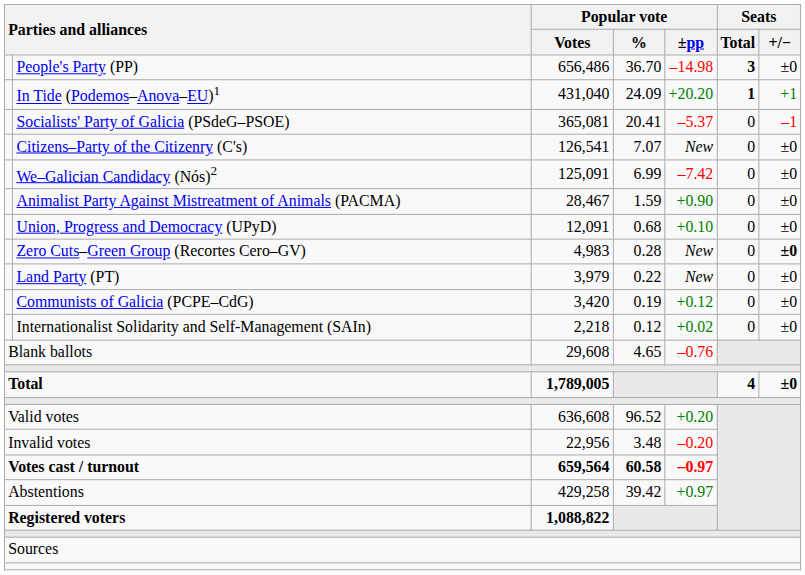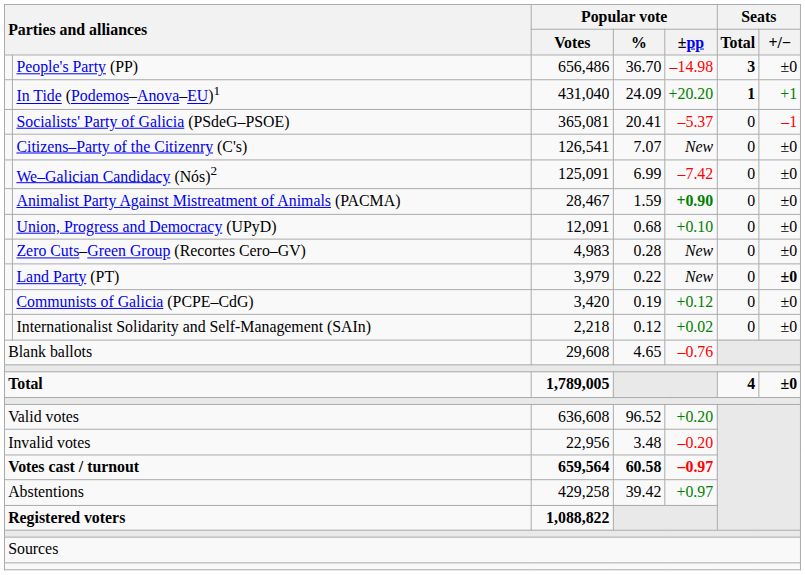 <table class="wikitable" style="text-align:right;">
 <tr>
 <th style="text-align:left;" rowspan="2" colspan="2" width="525">Parties and alliances</th>
 <th colspan="3">Popular vote</th>
 <th colspan="2">Seats</th>
 </tr>
 <tr>
 <th width="75">Votes</th>
 <th width="45">%</th>
 <th width="45">±<a href='#'>pp</a></th>
 <th width="35">Total</th>
 <th width="35">+/−</th>
 </tr>
 <tr>
 <td width="1" style="color:inherit;background:"></td>
 <td align="left"><a href='#'>People's Party</a> (PP)</td>
 <td>656,486</td>
 <td>36.70</td>
 <td style="color:red;">–14.98</td>
 <td><strong>3</strong></td>
 <td>±0</td>
 </tr>
 <tr>
 <td style="color:inherit;background:"></td>
 <td align="left"><a href='#'>In Tide</a> (<a href='#'>Podemos</a>–<a href='#'>Anova</a>–<a href='#'>EU</a>)<sup>1</sup></td>
 <td>431,040</td>
 <td>24.09</td>
 <td style="color:green;">+20.20</td>
 <td><strong>1</strong></td>
 <td style="color:green;">+1</td>
 </tr>
 <tr>
 <td style="color:inherit;background:"></td>
 <td align="left"><a href='#'>Socialists' Party of Galicia</a> (PSdeG–PSOE)</td>
 <td>365,081</td>
 <td>20.41</td>
 <td style="color:red;">–5.37</td>
 <td>0</td>
 <td style="color:red;">–1</td>
 </tr>
 <tr>
 <td style="color:inherit;background:"></td>
 <td align="left"><a href='#'>Citizens–Party of the Citizenry</a> (C's)</td>
 <td>126,541</td>
 <td>7.07</td>
 <td><em>New</em></td>
 <td>0</td>
 <td>±0</td>
 </tr>
 <tr>
 <td style="color:inherit;background:"></td>
 <td align="left"><a href='#'>We–Galician Candidacy</a> (Nós)<sup>2</sup></td>
 <td>125,091</td>
 <td>6.99</td>
 <td style="color:red;">–7.42</td>
 <td>0</td>
 <td>±0</td>
 </tr>
 <tr>
 <td style="color:inherit;background:"></td>
 <td align="left"><a href='#'>Animalist Party Against Mistreatment of Animals</a> (PACMA)</td>
 <td>28,467</td>
 <td>1.59</td>
-<td style="color:green;">+0.90</td>
+<td style="color:green;"><strong>+0.90</strong></td>
 <td>0</td>
 <td>±0</td>
 </tr>
 <tr>
 <td style="color:inherit;background:"></td>
 <td align="left"><a href='#'>Union, Progress and Democracy</a> (UPyD)</td>
 <td>12,091</td>
 <td>0.68</td>
 <td style="color:green;">+0.10</td>
 <td>0</td>
 <td>±0</td>
 </tr>
 <tr>
 <td style="color:inherit;background:"></td>
 <td align="left"><a href='#'>Zero Cuts</a>–<a href='#'>Green Group</a> (Recortes Cero–GV)</td>
 <td>4,983</td>
 <td>0.28</td>
 <td><em>New</em></td>
 <td>0</td>
-<td><strong>±0</strong></td>
+<td>±0</td>
 </tr>
 <tr>
 <td style="color:inherit;background:"></td>
 <td align="left"><a href='#'>Land Party</a> (PT)</td>
 <td>3,979</td>
 <td>0.22</td>
 <td><em>New</em></td>
 <td>0</td>
-<td>±0</td>
+<td><strong>±0</strong></td>
 </tr>
 <tr>
 <td style="color:inherit;background:"></td>
 <td align="left"><a href='#'>Communists of Galicia</a> (PCPE–CdG)</td>
 <td>3,420</td>
 <td>0.19</td>
 <td style="color:green;">+0.12</td>
 <td>0</td>
 <td>±0</td>
 </tr>
 <tr>
 <td style="color:inherit;background:"></td>
 <td align="left">Internationalist Solidarity and Self-Management (SAIn)</td>
 <td>2,218</td>
 <td>0.12</td>
 <td style="color:green;">+0.02</td>
 <td>0</td>
 <td>±0</td>
 </tr>
 <tr>
 <td align="left" colspan="2">Blank ballots</td>
 <td>29,608</td>
 <td>4.65</td>
 <td style="color:red;">–0.76</td>
 <td bgcolor="#E9E9E9" colspan="2"></td>
 </tr>
 <tr>
 <td colspan="7" bgcolor="#E9E9E9"></td>
 </tr>
 <tr style="font-weight:bold;">
 <td align="left" colspan="2">Total</td>
 <td>1,789,005</td>
 <td bgcolor="#E9E9E9" colspan="2"></td>
 <td>4</td>
 <td>±0</td>
 </tr>
 <tr>
 <td colspan="7" bgcolor="#E9E9E9"></td>
 </tr>
 <tr>
 <td align="left" colspan="2">Valid votes</td>
 <td>636,608</td>
 <td>96.52</td>
 <td style="color:green;">+0.20</td>
 <td bgcolor="#E9E9E9" colspan="2" rowspan="5"></td>
 </tr>
 <tr>
 <td align="left" colspan="2">Invalid votes</td>
 <td>22,956</td>
 <td>3.48</td>
 <td style="color:red;">–0.20</td>
 </tr>
 <tr style="font-weight:bold;">
 <td align="left" colspan="2">Votes cast / turnout</td>
 <td>659,564</td>
 <td>60.58</td>
 <td style="color:red;">–0.97</td>
 </tr>
 <tr>
 <td align="left" colspan="2">Abstentions</td>
 <td>429,258</td>
 <td>39.42</td>
 <td style="color:green;">+0.97</td>
 </tr>
 <tr style="font-weight:bold;">
 <td align="left" colspan="2">Registered voters</td>
 <td>1,088,822</td>
 <td bgcolor="#E9E9E9" colspan="2"></td>
 </tr>
 <tr>
 <td colspan="7" bgcolor="#E9E9E9"></td>
 </tr>
 <tr>
 <td align="left" colspan="7">Sources</td>
 </tr>
 <tr>
 <td colspan="7" style="text-align:left; max-width:790px;"></td>
 </tr>
 </table>
